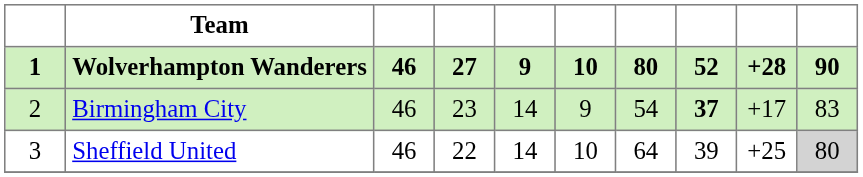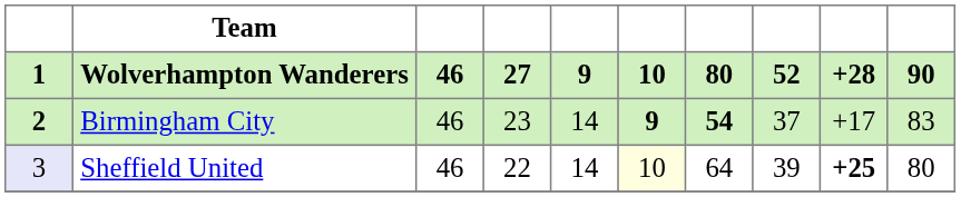 <table class="toccolours" border="1" cellpadding="4" cellspacing="0" style="text-align:center; border-collapse: collapse; margin:0;">
 <tr>
 <th width=30></th>
 <th>Team</th>
 <th width="30"></th>
 <th width="30"></th>
 <th width="30"></th>
 <th width="30"></th>
 <th width="30"></th>
 <th width="30"></th>
 <th width="30"></th>
 <th width="30"></th>
 </tr>
 <tr bgcolor="#D0F0C0">
 <td><strong>1</strong></td>
 <td align=left><strong>Wolverhampton Wanderers</strong></td>
 <td><strong>46</strong></td>
 <td><strong>27</strong></td>
 <td><strong>9</strong></td>
 <td><strong>10</strong></td>
 <td><strong>80</strong></td>
 <td><strong>52</strong></td>
 <td><strong>+28</strong></td>
 <td><strong>90</strong></td>
 </tr>
 <tr bgcolor="#D0F0C0">
-<td>2</td>
+<td><strong>2</strong></td>
 <td align=left><a href='#'>Birmingham City</a></td>
 <td>46</td>
 <td>23</td>
 <td>14</td>
-<td>9</td>
-<td>54</td>
-<td><strong>37</strong></td>
+<td><strong>9</strong></td>
+<td><strong>54</strong></td>
+<td>37</td>
 <td>+17</td>
 <td>83</td>
 </tr>
 <tr>
-<td>3</td>
+<td style="background: lavender;">3</td>
 <td align=left><a href='#'>Sheffield United</a></td>
 <td>46</td>
 <td>22</td>
 <td>14</td>
-<td>10</td>
+<td style="background: lightyellow;">10</td>
 <td>64</td>
 <td>39</td>
-<td>+25</td>
-<td style="background: lightgrey;">80</td>
+<td><strong>+25</strong></td>
+<td>80</td>
 </tr>
 <tr>
 </tr>
 </table>
